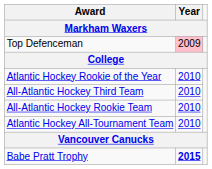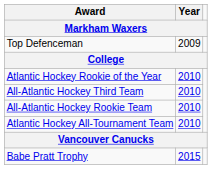 <table class="wikitable" border="1">
 <tr>
 <th>Award</th>
 <th>Year</th>
 </tr>
 <tr>
 <th colspan="3"><a href='#'>Markham Waxers</a></th>
 </tr>
 <tr>
 <td>Top Defenceman</td>
-<td style="background: pink;">2009</td>
+<td>2009</td>
 <td></td>
 </tr>
 <tr>
 <th colspan="3"><a href='#'>College</a></th>
 </tr>
 <tr>
 <td><a href='#'>Atlantic Hockey Rookie of the Year</a></td>
 <td><a href='#'>2010</a></td>
 </tr>
 <tr>
 <td><a href='#'>All-Atlantic Hockey Third Team</a></td>
 <td><a href='#'>2010</a></td>
 </tr>
 <tr>
 <td><a href='#'>All-Atlantic Hockey Rookie Team</a></td>
 <td><a href='#'>2010</a></td>
 </tr>
 <tr>
 <td><a href='#'>Atlantic Hockey All-Tournament Team</a></td>
 <td><a href='#'>2010</a></td>
 </tr>
 <tr>
 <th colspan="3"><a href='#'>Vancouver Canucks</a></th>
 </tr>
 <tr>
 <td><a href='#'>Babe Pratt Trophy</a></td>
-<td><strong><a href='#'>2015</a></strong></td>
+<td><a href='#'>2015</a></td>
 </tr>
 </table>
